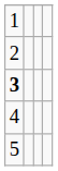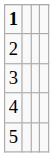 <table class="wikitable sortable" style="text-align:center">
 <tr>
 </tr>
 <tr>
-<td>1</td>
+<td><strong>1</strong></td>
 <td></td>
 <td></td>
 <td></td>
 </tr>
 <tr>
 <td>2</td>
 <td></td>
 <td></td>
 <td></td>
 </tr>
 <tr>
-<td><strong>3</strong></td>
+<td>3</td>
 <td></td>
 <td></td>
 <td></td>
 </tr>
 <tr>
 <td>4</td>
 <td></td>
 <td></td>
 <td></td>
 </tr>
 <tr>
 <td>5</td>
 <td></td>
 <td></td>
 <td></td>
 </tr>
 </table>
